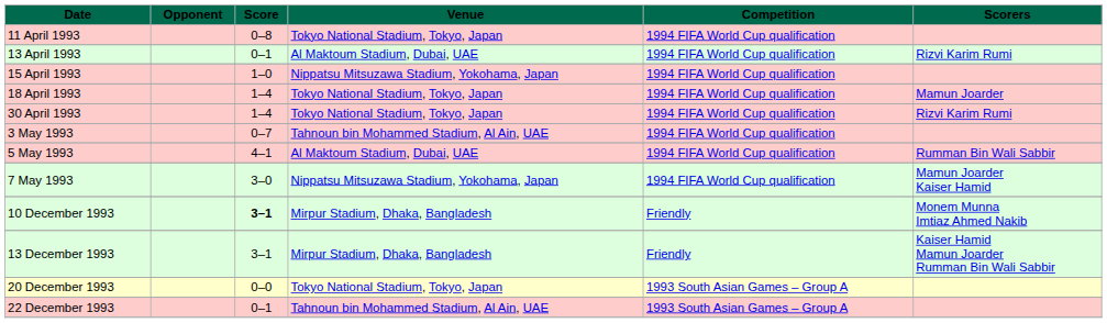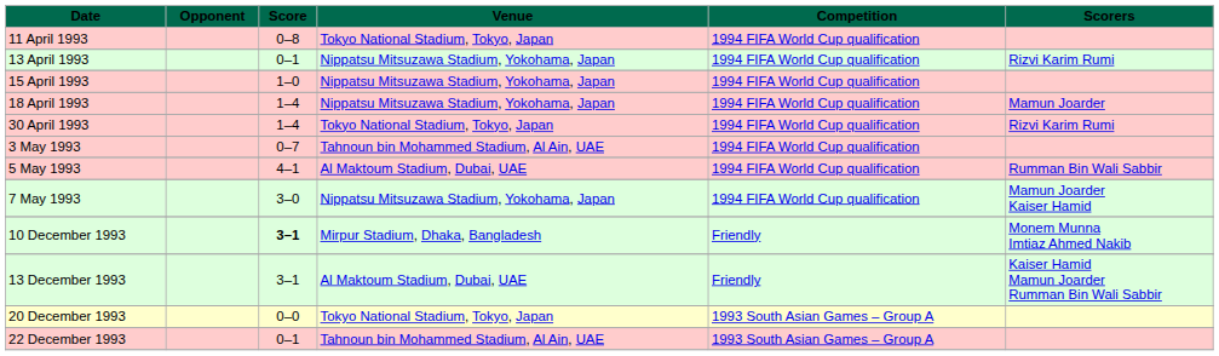 <table class="wikitable" width=100% style="text-align:left;font-size:90%;">
 <tr>
 <th style="background:#006a4e;"><span>Date</span></th>
 <th style="background:#006a4e;"><span>Opponent</span></th>
 <th style="background:#006a4e;"><span>Score</span></th>
 <th style="background:#006a4e;"><span>Venue</span></th>
 <th style="background:#006a4e;"><span>Competition</span></th>
 <th style="background:#006a4e;"><span>Scorers</span></th>
 </tr>
 <tr>
 </tr>
 <tr style="background:#fcc;">
 <td>11 April 1993</td>
 <td></td>
 <td style="text-align: center">0–8</td>
 <td> <a href='#'>Tokyo National Stadium</a>, <a href='#'>Tokyo</a>, <a href='#'>Japan</a></td>
 <td><a href='#'>1994 FIFA World Cup qualification</a></td>
 <td></td>
 </tr>
 <tr>
 </tr>
 <tr style="background:#dfd;">
 <td>13 April 1993</td>
 <td></td>
 <td style="text-align: center">0–1</td>
-<td> <a href='#'>Al Maktoum Stadium</a>, <a href='#'>Dubai</a>, <a href='#'>UAE</a></td>
+<td> <a href='#'>Nippatsu Mitsuzawa Stadium</a>, <a href='#'>Yokohama</a>, <a href='#'>Japan</a></td>
 <td><a href='#'>1994 FIFA World Cup qualification</a></td>
 <td><a href='#'>Rizvi Karim Rumi</a> </td>
 </tr>
 <tr>
 </tr>
 <tr style="background:#fcc;">
 <td>15 April 1993</td>
 <td></td>
 <td style="text-align: center">1–0</td>
 <td> <a href='#'>Nippatsu Mitsuzawa Stadium</a>, <a href='#'>Yokohama</a>, <a href='#'>Japan</a></td>
 <td><a href='#'>1994 FIFA World Cup qualification</a></td>
 <td></td>
 </tr>
 <tr>
 </tr>
 <tr style="background:#fcc;">
 <td>18 April 1993</td>
 <td></td>
 <td style="text-align: center">1–4</td>
-<td> <a href='#'>Tokyo National Stadium</a>, <a href='#'>Tokyo</a>, <a href='#'>Japan</a></td>
+<td> <a href='#'>Nippatsu Mitsuzawa Stadium</a>, <a href='#'>Yokohama</a>, <a href='#'>Japan</a></td>
 <td><a href='#'>1994 FIFA World Cup qualification</a></td>
 <td><a href='#'>Mamun Joarder</a> </td>
 </tr>
 <tr>
 </tr>
 <tr style="background:#fcc;">
 <td>30 April 1993</td>
 <td></td>
 <td style="text-align: center">1–4</td>
 <td> <a href='#'>Tokyo National Stadium</a>, <a href='#'>Tokyo</a>, <a href='#'>Japan</a></td>
 <td><a href='#'>1994 FIFA World Cup qualification</a></td>
 <td><a href='#'>Rizvi Karim Rumi</a> </td>
 </tr>
 <tr>
 </tr>
 <tr style="background:#fcc;">
 <td>3 May 1993</td>
 <td></td>
 <td style="text-align: center">0–7</td>
 <td> <a href='#'>Tahnoun bin Mohammed Stadium</a>, <a href='#'>Al Ain</a>, <a href='#'>UAE</a></td>
 <td><a href='#'>1994 FIFA World Cup qualification</a></td>
 <td></td>
 </tr>
 <tr>
 </tr>
 <tr style="background:#fcc;">
 <td>5 May 1993</td>
 <td></td>
 <td style="text-align: center">4–1</td>
 <td> <a href='#'>Al Maktoum Stadium</a>, <a href='#'>Dubai</a>, <a href='#'>UAE</a></td>
 <td><a href='#'>1994 FIFA World Cup qualification</a></td>
 <td><a href='#'>Rumman Bin Wali Sabbir</a> </td>
 </tr>
 <tr>
 </tr>
 <tr style="background:#dfd;">
 <td>7 May 1993</td>
 <td></td>
 <td style="text-align: center">3–0</td>
 <td> <a href='#'>Nippatsu Mitsuzawa Stadium</a>, <a href='#'>Yokohama</a>, <a href='#'>Japan</a></td>
 <td><a href='#'>1994 FIFA World Cup qualification</a></td>
 <td><a href='#'>Mamun Joarder</a>  <br>  <a href='#'>Kaiser Hamid</a> </td>
 </tr>
 <tr>
 </tr>
 <tr style="background:#dfd;">
 <td>10 December 1993</td>
 <td></td>
 <td style="text-align: center"><strong>3–1</strong></td>
 <td> <a href='#'>Mirpur Stadium</a>, <a href='#'>Dhaka</a>, <a href='#'>Bangladesh</a></td>
 <td><a href='#'>Friendly</a></td>
 <td><a href='#'>Monem Munna</a>  <br>  <a href='#'>Imtiaz Ahmed Nakib</a> </td>
 </tr>
 <tr>
 </tr>
 <tr style="background:#dfd;">
 <td>13 December 1993</td>
 <td></td>
 <td style="text-align: center">3–1</td>
-<td> <a href='#'>Mirpur Stadium</a>, <a href='#'>Dhaka</a>, <a href='#'>Bangladesh</a></td>
+<td> <a href='#'>Al Maktoum Stadium</a>, <a href='#'>Dubai</a>, <a href='#'>UAE</a></td>
 <td><a href='#'>Friendly</a></td>
 <td><a href='#'>Kaiser Hamid</a>  <br> <a href='#'>Mamun Joarder</a>   <br><a href='#'>Rumman Bin Wali Sabbir</a> </td>
 </tr>
 <tr>
 </tr>
 <tr style="background:#ffc;">
 <td>20 December 1993</td>
 <td></td>
 <td style="text-align: center">0–0</td>
 <td> <a href='#'>Tokyo National Stadium</a>, <a href='#'>Tokyo</a>, <a href='#'>Japan</a></td>
 <td><a href='#'>1993 South Asian Games – Group A</a></td>
 <td></td>
 </tr>
 <tr>
 </tr>
 <tr style="background:#fcc;">
 <td>22 December 1993</td>
 <td></td>
 <td style="text-align: center">0–1</td>
 <td> <a href='#'>Tahnoun bin Mohammed Stadium</a>, <a href='#'>Al Ain</a>, <a href='#'>UAE</a></td>
 <td><a href='#'>1993 South Asian Games – Group A</a></td>
 <td></td>
 </tr>
 <tr>
 </tr>
 </table>
